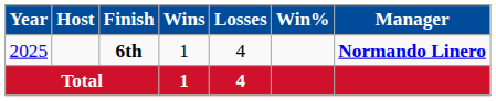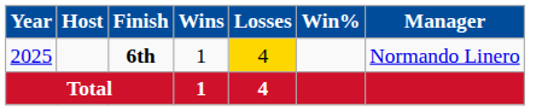 <table class="wikitable sortable plainrowheaders" style="text-align:center;">
 <tr>
 <th scope="col" style="background-color:#004C9B; color:#FFFFFF;">Year</th>
 <th scope="col" style="background-color:#004C9B; color:#FFFFFF;">Host</th>
 <th scope="col" style="background-color:#004C9B; color:#FFFFFF;">Finish</th>
 <th scope="col" style="background-color:#004C9B; color:#FFFFFF;">Wins</th>
 <th scope="col" style="background-color:#004C9B; color:#FFFFFF;">Losses</th>
 <th scope="col" style="background-color:#004C9B; color:#FFFFFF;">Win%</th>
 <th scope="col" style="background-color:#004C9B; color:#FFFFFF;">Manager</th>
 </tr>
 <tr>
 <td><a href='#'>2025</a></td>
 <td align=left></td>
 <td><strong>6th</strong></td>
 <td>1</td>
-<td>4</td>
+<td style="background: gold;">4</td>
 <td></td>
-<td align=left><strong> <a href='#'>Normando Linero</a></strong></td>
+<td align=left> <a href='#'>Normando Linero</a></td>
 </tr>
 <tr style="text-align:center; background-color:#D0112B; color:#FFFFFF;">
 <td colspan="3"><strong>Total</strong></td>
 <td><strong>1</strong></td>
 <td><strong>4</strong></td>
 <td><strong></strong></td>
 <td></td>
 </tr>
 </table>
